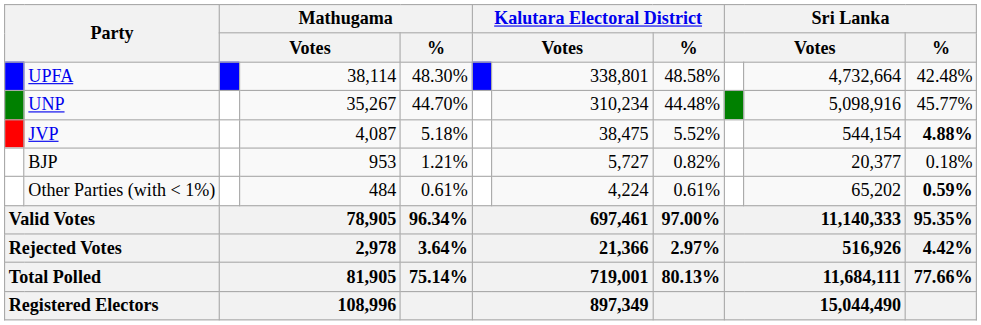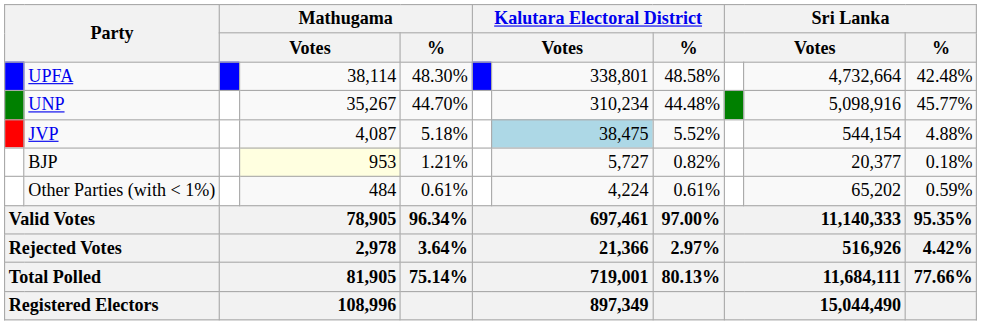 <table class="wikitable">
 <tr>
 <th colspan="2" width="144px"rowspan="2">Party</th>
 <th colspan="3" width="216px">Mathugama</th>
 <th colspan="3" width="216px"><a href='#'>Kalutara Electoral District</a></th>
 <th colspan="3" width="216px">Sri Lanka</th>
 </tr>
 <tr>
 <th colspan="2" width="144px">Votes</th>
 <th>%</th>
 <th colspan="2" width="144px">Votes</th>
 <th>%</th>
 <th colspan="2" width="144px">Votes</th>
 <th>%</th>
 </tr>
 <tr>
 <td style="background-color:blue;" width="10px"></td>
 <td style="text-align:left;"><a href='#'>UPFA</a></td>
 <td style="background-color:blue;" width="10px"></td>
 <td style="text-align:right;">38,114</td>
 <td style="text-align:right;">48.30%</td>
 <td style="background-color:blue;" width="10px"></td>
 <td style="text-align:right;">338,801</td>
 <td style="text-align:right;">48.58%</td>
 <td style="background-color:white;" width="10px"></td>
 <td style="text-align:right;">4,732,664</td>
 <td style="text-align:right;">42.48%</td>
 </tr>
 <tr>
 <td style="background-color:green;" width="10px"></td>
 <td style="text-align:left;"><a href='#'>UNP</a></td>
 <td style="background-color:white;" width="10px"></td>
 <td style="text-align:right;">35,267</td>
 <td style="text-align:right;">44.70%</td>
 <td style="background-color:white;" width="10px"></td>
 <td style="text-align:right;">310,234</td>
 <td style="text-align:right;">44.48%</td>
 <td style="background-color:green;" width="10px"></td>
 <td style="text-align:right;">5,098,916</td>
 <td style="text-align:right;">45.77%</td>
 </tr>
 <tr>
 <td style="background-color:red;" width="10px"></td>
 <td style="text-align:left;"><a href='#'>JVP</a></td>
 <td style="background-color:white;" width="10px"></td>
 <td style="text-align:right;">4,087</td>
 <td style="text-align:right;">5.18%</td>
 <td style="background-color:white;" width="10px"></td>
-<td style="text-align:right;">38,475</td>
+<td style="background: lightblue; text-align:right;">38,475</td>
 <td style="text-align:right;">5.52%</td>
 <td style="background-color:white;" width="10px"></td>
 <td style="text-align:right;">544,154</td>
-<td style="text-align:right;"><strong>4.88%</strong></td>
+<td style="text-align:right;">4.88%</td>
 </tr>
 <tr>
 <td style="background-color:white;" width="10px"></td>
 <td style="text-align:left;">BJP</td>
 <td style="background-color:white;" width="10px"></td>
-<td style="text-align:right;">953</td>
+<td style="background: lightyellow; text-align:right;">953</td>
 <td style="text-align:right;">1.21%</td>
 <td style="background-color:white;" width="10px"></td>
 <td style="text-align:right;">5,727</td>
 <td style="text-align:right;">0.82%</td>
 <td style="background-color:white;" width="10px"></td>
 <td style="text-align:right;">20,377</td>
 <td style="text-align:right;">0.18%</td>
 </tr>
 <tr>
 <td style="background-color:white;" width="10px"></td>
 <td style="text-align:left;">Other Parties (with < 1%)</td>
 <td style="background-color:white;" width="10px"></td>
 <td style="text-align:right;">484</td>
 <td style="text-align:right;">0.61%</td>
 <td style="background-color:white;" width="10px"></td>
 <td style="text-align:right;">4,224</td>
 <td style="text-align:right;">0.61%</td>
 <td style="background-color:white;" width="10px"></td>
 <td style="text-align:right;">65,202</td>
-<td style="text-align:right;"><strong>0.59%</strong></td>
+<td style="text-align:right;">0.59%</td>
 </tr>
 <tr>
 <th colspan="2" width="144px"style="text-align:left;">Valid Votes</th>
 <th style="text-align:right;"colspan="2" width="144px">78,905</th>
 <th style="text-align:right;">96.34%</th>
 <th style="text-align:right;"colspan="2" width="144px">697,461</th>
 <th style="text-align:right;">97.00%</th>
 <th style="text-align:right;"colspan="2" width="144px">11,140,333</th>
 <th style="text-align:right;">95.35%</th>
 </tr>
 <tr>
 <th colspan="2" width="144px"style="text-align:left;">Rejected Votes</th>
 <th style="text-align:right;"colspan="2" width="144px">2,978</th>
 <th style="text-align:right;">3.64%</th>
 <th style="text-align:right;"colspan="2" width="144px">21,366</th>
 <th style="text-align:right;">2.97%</th>
 <th style="text-align:right;"colspan="2" width="144px">516,926</th>
 <th style="text-align:right;">4.42%</th>
 </tr>
 <tr>
 <th colspan="2" width="144px"style="text-align:left;">Total Polled</th>
 <th style="text-align:right;"colspan="2" width="144px">81,905</th>
 <th style="text-align:right;">75.14%</th>
 <th style="text-align:right;"colspan="2" width="144px">719,001</th>
 <th style="text-align:right;">80.13%</th>
 <th style="text-align:right;"colspan="2" width="144px">11,684,111</th>
 <th style="text-align:right;">77.66%</th>
 </tr>
 <tr>
 <th colspan="2" width="144px"style="text-align:left;">Registered Electors</th>
 <th style="text-align:right;"colspan="2" width="144px">108,996</th>
 <th></th>
 <th style="text-align:right;"colspan="2" width="144px">897,349</th>
 <th></th>
 <th style="text-align:right;"colspan="2" width="144px">15,044,490</th>
 <th></th>
 </tr>
 </table>
